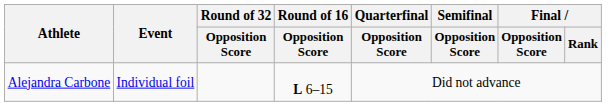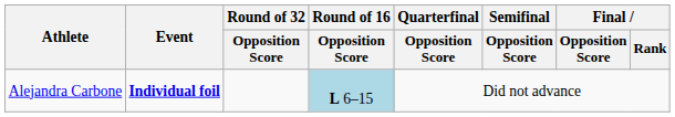 <table class="wikitable" style="font-size:90%">
 <tr>
 <th rowspan="2">Athlete</th>
 <th rowspan="2">Event</th>
 <th>Round of 32</th>
 <th>Round of 16</th>
 <th>Quarterfinal</th>
 <th>Semifinal</th>
 <th colspan=2>Final / </th>
 </tr>
 <tr style="font-size:95%">
 <th>Opposition <br> Score</th>
 <th>Opposition <br> Score</th>
 <th>Opposition <br> Score</th>
 <th>Opposition <br> Score</th>
 <th>Opposition <br> Score</th>
 <th>Rank</th>
 </tr>
 <tr align=center>
 <td align=left><a href='#'>Alejandra Carbone</a></td>
-<td align=left><a href='#'>Individual foil</a></td>
+<td align=left><strong><a href='#'>Individual foil</a></strong></td>
 <td></td>
-<td><br><strong>L</strong> 6–15</td>
+<td style="background: lightblue;"><br><strong>L</strong> 6–15</td>
 <td colspan=6>Did not advance</td>
 </tr>
 </table>
